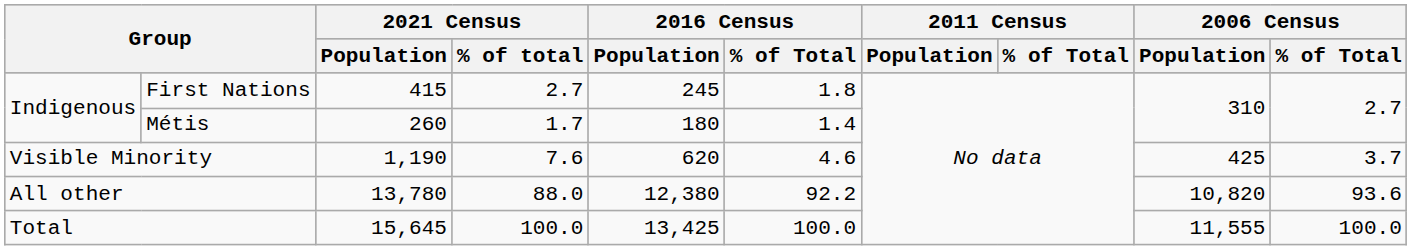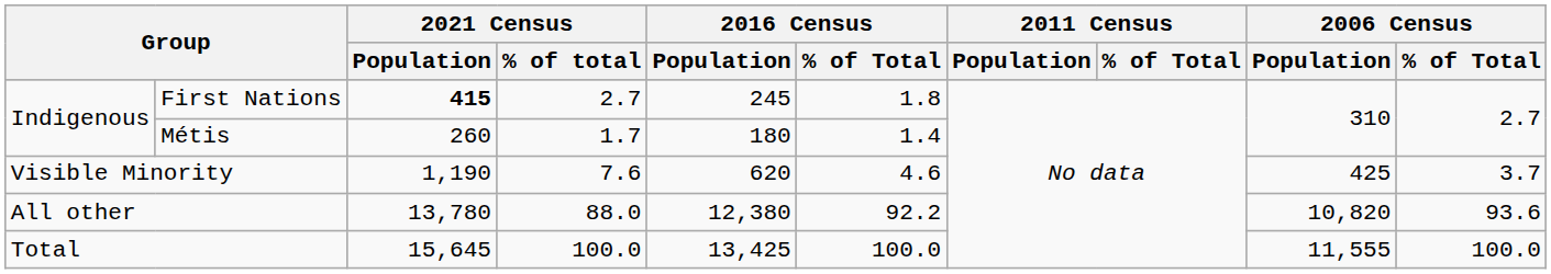 <table class="wikitable" style="text-align:right">
 <tr>
 <th colspan=2 rowspan=2>Group</th>
 <th colspan=2>2021 Census</th>
 <th colspan=2>2016 Census</th>
 <th colspan=2>2011 Census</th>
 <th colspan=2>2006 Census</th>
 </tr>
 <tr>
 <th>Population</th>
 <th>% of total</th>
 <th>Population</th>
 <th>% of Total</th>
 <th>Population</th>
 <th>% of Total</th>
 <th>Population</th>
 <th>% of Total</th>
 </tr>
 <tr>
 <td style="text-align:left" rowspan="2">Indigenous</td>
 <td style="text-align:left">First Nations</td>
-<td>415</td>
+<td><strong>415</strong></td>
 <td>2.7</td>
 <td>245</td>
 <td>1.8</td>
 <td colspan="2" rowspan="5" style="text-align:center"><em>No data</em></td>
 <td rowspan="2">310</td>
 <td rowspan="2">2.7</td>
 </tr>
 <tr>
 <td style="text-align:left">Métis</td>
 <td>260</td>
 <td>1.7</td>
 <td>180</td>
 <td>1.4</td>
 </tr>
 <tr>
 <td style="text-align:left" colspan="2">Visible Minority</td>
 <td>1,190</td>
 <td>7.6</td>
 <td>620</td>
 <td>4.6</td>
 <td>425</td>
 <td>3.7</td>
 </tr>
 <tr>
 <td style="text-align:left" colspan="2">All other</td>
 <td>13,780</td>
 <td>88.0</td>
 <td>12,380</td>
 <td>92.2</td>
 <td>10,820</td>
 <td>93.6</td>
 </tr>
 <tr>
 <td style="text-align:left" colspan="2">Total</td>
 <td>15,645</td>
 <td>100.0</td>
 <td>13,425</td>
 <td>100.0</td>
 <td>11,555</td>
 <td>100.0</td>
 </tr>
 </table>
